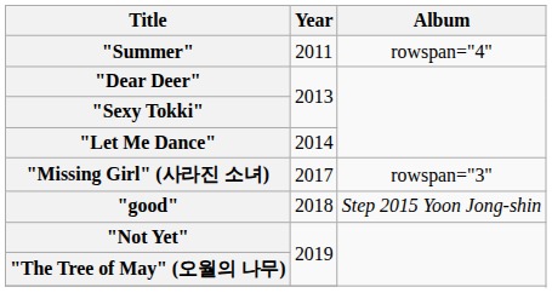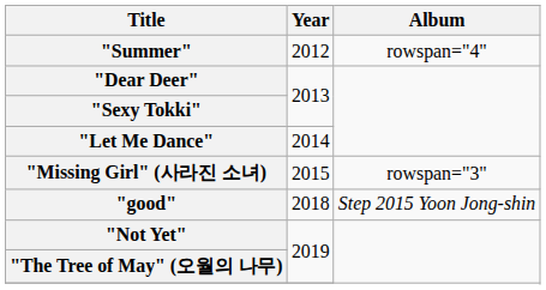 <table class="wikitable plainrowheaders" style="text-align:center;">
 <tr>
 <th>Title</th>
 <th>Year</th>
 <th>Album</th>
 </tr>
 <tr>
 <th scope="row">"Summer"</th>
-<td>2011</td>
+<td>2012</td>
 <td>rowspan="4" </td>
 </tr>
 <tr>
 <th scope="row">"Dear Deer"</th>
 <td rowspan="2">2013</td>
 </tr>
 <tr>
 <th scope="row">"Sexy Tokki"<br></th>
 </tr>
 <tr>
 <th scope="row">"Let Me Dance"</th>
 <td>2014</td>
 </tr>
 <tr>
 <th scope="row">"Missing Girl" (사라진 소녀)<br></th>
-<td>2017</td>
+<td>2015</td>
 <td>rowspan="3" </td>
 </tr>
 <tr>
 <th scope="row">"good"</th>
 <td>2018</td>
 <td><em>Step 2015 Yoon Jong-shin</em></td>
 </tr>
 <tr>
 <th scope="row">"Not Yet"</th>
 <td rowspan="2">2019</td>
 </tr>
 <tr>
 <th scope="row">"The Tree of May" (오월의 나무)</th>
 </tr>
 <tr>
 </tr>
 </table>
